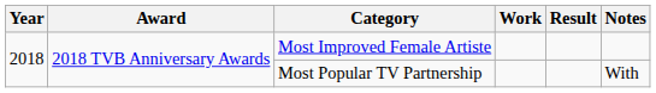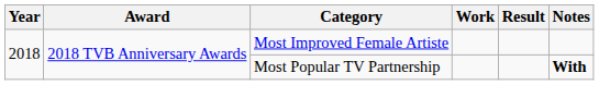 <table class="wikitable plainrowheaders">
 <tr>
 <th>Year</th>
 <th>Award</th>
 <th>Category</th>
 <th>Work</th>
 <th>Result</th>
 <th>Notes</th>
 </tr>
 <tr>
 <td rowspan="2">2018</td>
 <td rowspan="2"><a href='#'>2018 TVB Anniversary Awards</a></td>
 <td><a href='#'>Most Improved Female Artiste</a></td>
 <td><em></em></td>
 <td></td>
 <td></td>
 </tr>
 <tr>
 <td>Most Popular TV Partnership</td>
 <td><em></em></td>
 <td></td>
-<td>With </td>
+<td><strong>With </strong></td>
 </tr>
 </table>
